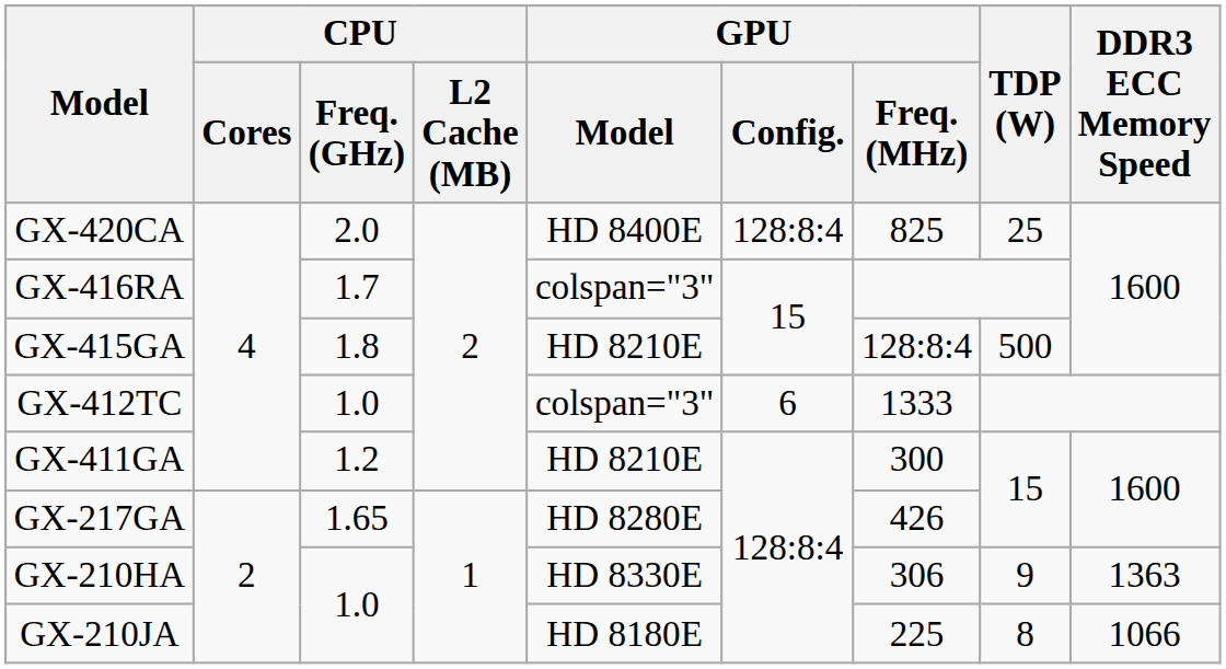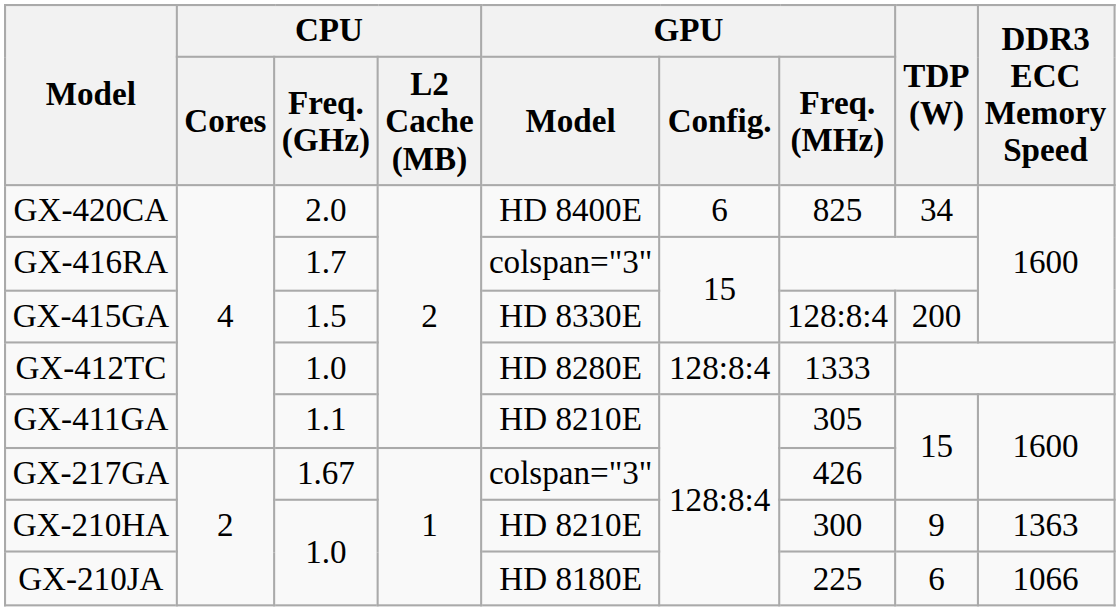 <table class="wikitable" style="text-align:center">
 <tr>
 <th rowspan="2">Model</th>
 <th colspan="3">CPU</th>
 <th colspan="3">GPU</th>
 <th rowspan="2">TDP<br>(W)</th>
 <th rowspan="2">DDR3<br>ECC<br>Memory<br>Speed</th>
 </tr>
 <tr>
 <th>Cores</th>
 <th>Freq.<br>(GHz)</th>
 <th>L2<br>Cache<br>(MB)</th>
 <th>Model</th>
 <th>Config.</th>
 <th>Freq.<br>(MHz)</th>
 </tr>
 <tr>
 <td>GX-420CA</td>
 <td rowspan="5">4</td>
 <td>2.0</td>
 <td rowspan="5">2</td>
 <td>HD 8400E</td>
-<td>128:8:4</td>
+<td>6</td>
 <td>825</td>
-<td>25</td>
+<td>34</td>
 <td rowspan="3">1600</td>
 </tr>
 <tr>
 <td>GX-416RA</td>
 <td>1.7</td>
 <td>colspan="3" </td>
 <td rowspan="2">15</td>
 </tr>
 <tr>
 <td>GX-415GA</td>
-<td>1.8</td>
-<td>HD 8210E</td>
+<td>1.5</td>
+<td>HD 8330E</td>
 <td>128:8:4</td>
-<td>500</td>
+<td>200</td>
 </tr>
 <tr>
 <td>GX-412TC</td>
 <td>1.0</td>
-<td>colspan="3" </td>
-<td>6</td>
+<td>HD 8280E</td>
+<td>128:8:4</td>
 <td>1333</td>
 </tr>
 <tr>
 <td>GX-411GA</td>
-<td>1.2</td>
+<td>1.1</td>
 <td>HD 8210E</td>
 <td rowspan="4">128:8:4</td>
-<td>300</td>
+<td>305</td>
 <td rowspan="2">15</td>
 <td rowspan="2">1600</td>
 </tr>
 <tr>
 <td>GX-217GA</td>
 <td rowspan="3">2</td>
-<td>1.65</td>
+<td>1.67</td>
 <td rowspan="3">1</td>
-<td>HD 8280E</td>
+<td>colspan="3" </td>
 <td>426</td>
 </tr>
 <tr>
 <td>GX-210HA</td>
 <td rowspan="2">1.0</td>
-<td>HD 8330E</td>
-<td>306</td>
+<td>HD 8210E</td>
+<td>300</td>
 <td>9</td>
 <td>1363</td>
 </tr>
 <tr>
 <td>GX-210JA</td>
 <td>HD 8180E</td>
 <td>225</td>
-<td>8</td>
+<td>6</td>
 <td>1066</td>
 </tr>
 </table>
